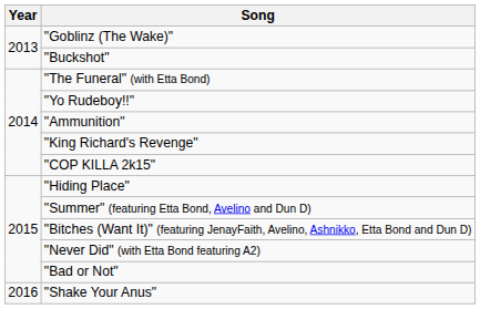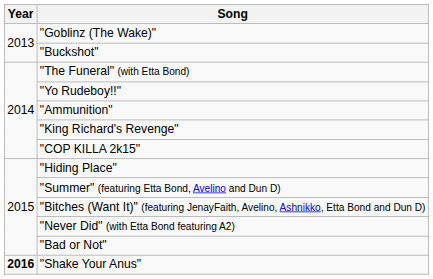 <table class="wikitable">
 <tr>
 <th>Year</th>
 <th>Song</th>
 </tr>
 <tr>
 <td rowspan="2">2013</td>
 <td>"Goblinz (The Wake)"</td>
 </tr>
 <tr>
 <td>"Buckshot"</td>
 </tr>
 <tr>
 <td rowspan="5">2014</td>
 <td>"The Funeral" <small>(with Etta Bond)</small></td>
 </tr>
 <tr>
 <td>"Yo Rudeboy!!"</td>
 </tr>
 <tr>
 <td>"Ammunition"</td>
 </tr>
 <tr>
 <td>"King Richard's Revenge"</td>
 </tr>
 <tr>
 <td>"COP KILLA 2k15"</td>
 </tr>
 <tr>
 <td rowspan="5">2015</td>
 <td>"Hiding Place"</td>
 </tr>
 <tr>
 <td>"Summer" <small>(featuring Etta Bond, <a href='#'>Avelino</a> and Dun D)</small></td>
 </tr>
 <tr>
 <td>"Bitches (Want It)" <small>(featuring JenayFaith, Avelino, <a href='#'>Ashnikko</a>, Etta Bond and Dun D)</small></td>
 </tr>
 <tr>
 <td>"Never Did" <small>(with Etta Bond featuring A2)</small></td>
 </tr>
 <tr>
 <td>"Bad or Not"</td>
 </tr>
 <tr>
-<td>2016</td>
+<td><strong>2016</strong></td>
 <td>"Shake Your Anus"</td>
 </tr>
 </table>
